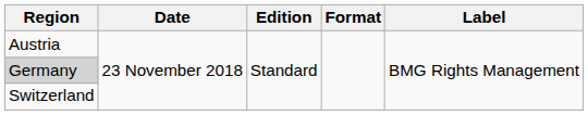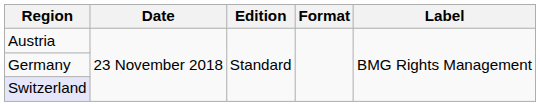 <table class="wikitable">
 <tr>
 <th scope="col">Region</th>
 <th scope="col">Date</th>
 <th scope="col">Edition</th>
 <th scope="col">Format</th>
 <th scope="col">Label</th>
 </tr>
 <tr>
 <td>Austria</td>
 <td rowspan="3">23 November 2018</td>
 <td rowspan="3">Standard</td>
 <td rowspan="3"></td>
 <td rowspan="3">BMG Rights Management</td>
 </tr>
 <tr>
-<td style="background: lightgrey;">Germany</td>
+<td>Germany</td>
 </tr>
 <tr>
-<td>Switzerland</td>
+<td style="background: lavender;">Switzerland</td>
 </tr>
 </table>
